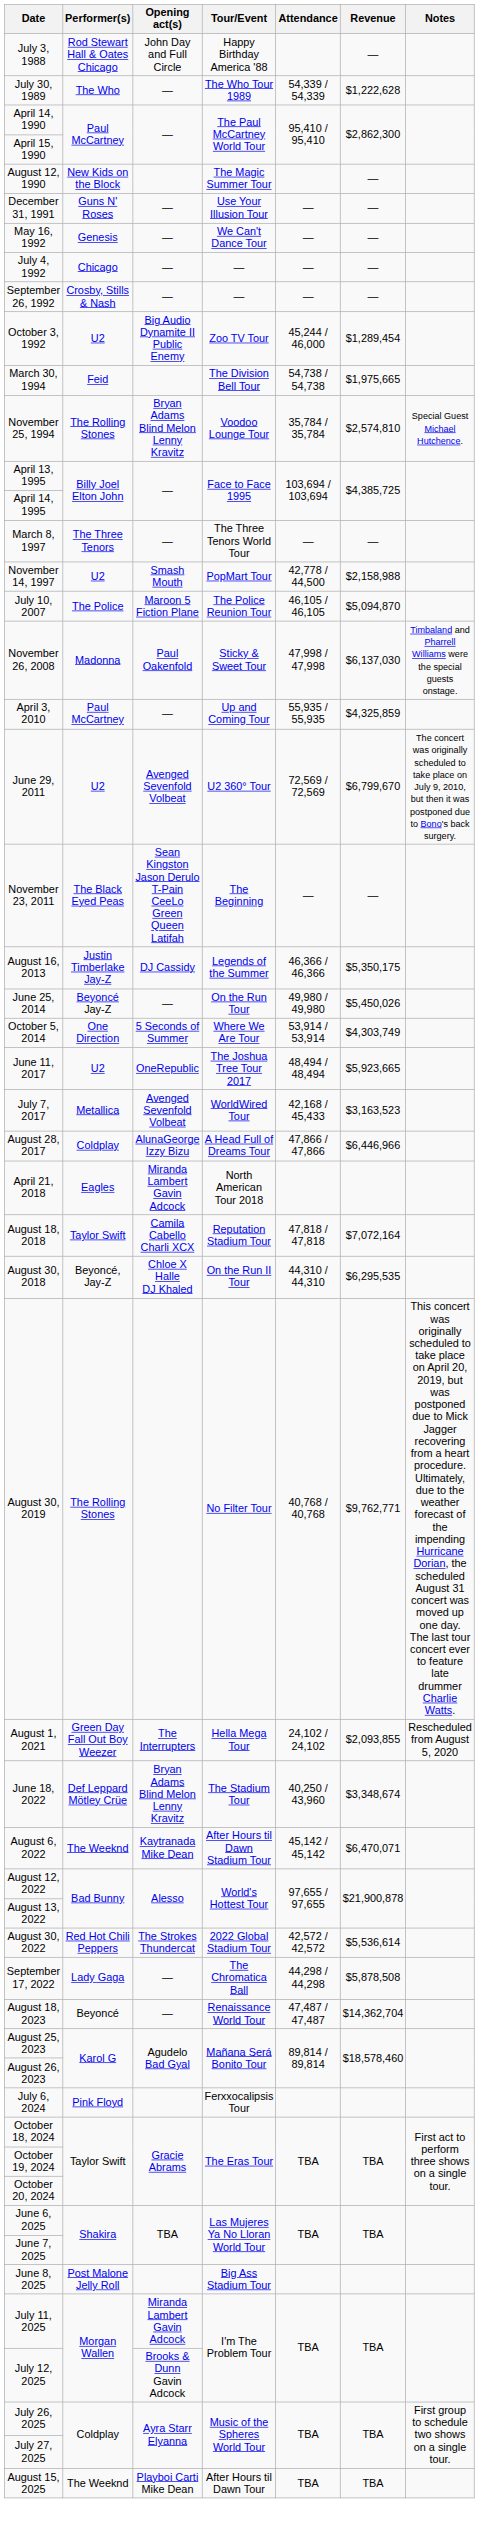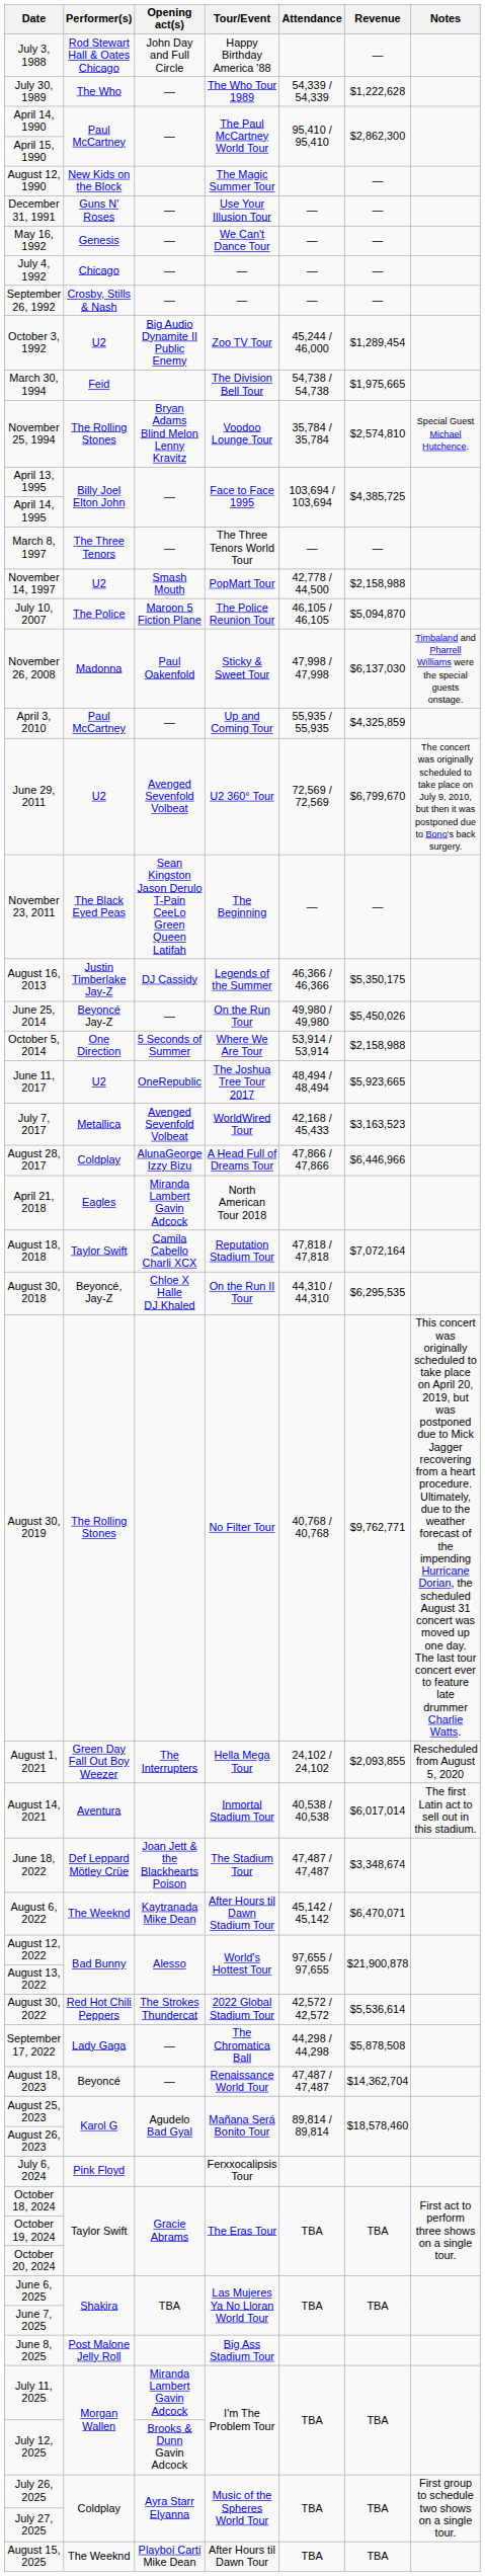 <table class="wikitable sortable" style="text-align:center">
 <tr>
 <th width=12% style="text-align:center;">Date</th>
 <th width=10% style="text-align:center;">Performer(s)</th>
 <th width=10% style="text-align:center;">Opening act(s)</th>
 <th width=16% style="text-align:center;">Tour/Event</th>
 <th width=10% style="text-align:center;">Attendance</th>
 <th width=10% style="text-align:center;">Revenue</th>
 <th width=20% style="text-align:center;">Notes</th>
 </tr>
 <tr>
 <td>July 3, 1988</td>
 <td><a href='#'>Rod Stewart</a><br><a href='#'>Hall & Oates</a><br><a href='#'>Chicago</a></td>
 <td>John Day and Full Circle</td>
 <td>Happy Birthday America '88</td>
 <td></td>
 <td>—</td>
 <td></td>
 </tr>
 <tr>
 <td>July 30, 1989</td>
 <td><a href='#'>The Who</a></td>
 <td>—</td>
 <td><a href='#'>The Who Tour 1989</a></td>
 <td>54,339 / 54,339</td>
 <td>$1,222,628</td>
 <td></td>
 </tr>
 <tr>
 <td>April 14, 1990</td>
 <td rowspan=2><a href='#'>Paul McCartney</a></td>
 <td rowspan=2>—</td>
 <td rowspan=2><a href='#'>The Paul McCartney World Tour</a></td>
 <td rowspan=2>95,410 / 95,410</td>
 <td rowspan=2>$2,862,300</td>
 <td rowspan=2></td>
 </tr>
 <tr>
 <td>April 15, 1990</td>
 </tr>
 <tr>
 <td>August 12, 1990</td>
 <td><a href='#'>New Kids on the Block</a></td>
 <td></td>
 <td><a href='#'>The Magic Summer Tour</a></td>
 <td></td>
 <td>—</td>
 <td></td>
 </tr>
 <tr>
 <td>December 31, 1991</td>
 <td><a href='#'>Guns N' Roses</a></td>
 <td>—</td>
 <td><a href='#'>Use Your Illusion Tour</a></td>
 <td>—</td>
 <td>—</td>
 <td></td>
 </tr>
 <tr>
 <td>May 16, 1992</td>
 <td><a href='#'>Genesis</a></td>
 <td>—</td>
 <td><a href='#'>We Can't Dance Tour</a></td>
 <td>—</td>
 <td>—</td>
 <td></td>
 </tr>
 <tr>
 <td>July 4, 1992</td>
 <td><a href='#'>Chicago</a></td>
 <td>—</td>
 <td>—</td>
 <td>—</td>
 <td>—</td>
 <td></td>
 </tr>
 <tr>
 <td>September 26, 1992</td>
 <td><a href='#'>Crosby, Stills & Nash</a></td>
 <td>—</td>
 <td>—</td>
 <td>—</td>
 <td>—</td>
 <td></td>
 </tr>
 <tr>
 <td>October 3, 1992</td>
 <td><a href='#'>U2</a></td>
 <td><a href='#'>Big Audio Dynamite II</a><br><a href='#'>Public Enemy</a></td>
 <td><a href='#'>Zoo TV Tour</a></td>
 <td>45,244 / 46,000</td>
 <td>$1,289,454</td>
 <td></td>
 </tr>
 <tr>
 <td>March 30, 1994</td>
 <td><a href='#'>Feid</a></td>
 <td></td>
 <td><a href='#'>The Division Bell Tour</a></td>
 <td>54,738 / 54,738</td>
 <td>$1,975,665</td>
 <td></td>
 </tr>
 <tr>
 <td>November 25, 1994</td>
 <td><a href='#'>The Rolling Stones</a></td>
 <td><a href='#'>Bryan Adams</a><br><a href='#'>Blind Melon</a><br><a href='#'>Lenny Kravitz</a></td>
 <td><a href='#'>Voodoo Lounge Tour</a></td>
 <td>35,784 / 35,784</td>
 <td>$2,574,810</td>
 <td><small>Special Guest <a href='#'>Michael Hutchence</a>.</small></td>
 </tr>
 <tr>
 <td>April 13, 1995</td>
 <td rowspan='2'><a href='#'>Billy Joel</a><br><a href='#'>Elton John</a></td>
 <td rowspan='2'>—</td>
 <td rowspan='2'><a href='#'>Face to Face 1995</a></td>
 <td rowspan='2'>103,694 / 103,694</td>
 <td rowspan='2'>$4,385,725</td>
 <td rowspan='2'></td>
 </tr>
 <tr>
 <td>April 14, 1995</td>
 </tr>
 <tr>
 <td>March 8, 1997</td>
 <td><a href='#'>The Three Tenors</a></td>
 <td>—</td>
 <td>The Three Tenors World Tour</td>
 <td>—</td>
 <td>—</td>
 <td></td>
 </tr>
 <tr>
 <td>November 14, 1997</td>
 <td><a href='#'>U2</a></td>
 <td><a href='#'>Smash Mouth</a></td>
 <td><a href='#'>PopMart Tour</a></td>
 <td>42,778 / 44,500</td>
 <td>$2,158,988</td>
 <td></td>
 </tr>
 <tr>
 <td>July 10, 2007</td>
 <td><a href='#'>The Police</a></td>
 <td><a href='#'>Maroon 5</a><br><a href='#'>Fiction Plane</a></td>
 <td><a href='#'>The Police Reunion Tour</a></td>
 <td>46,105 / 46,105</td>
 <td>$5,094,870</td>
 <td></td>
 </tr>
 <tr>
 <td>November 26, 2008</td>
 <td><a href='#'>Madonna</a></td>
 <td><a href='#'>Paul Oakenfold</a></td>
 <td><a href='#'>Sticky & Sweet Tour</a></td>
 <td>47,998 / 47,998</td>
 <td>$6,137,030</td>
 <td><small><a href='#'>Timbaland</a> and <a href='#'>Pharrell Williams</a> were the special guests onstage.</small></td>
 </tr>
 <tr>
 <td>April 3, 2010</td>
 <td><a href='#'>Paul McCartney</a></td>
 <td>—</td>
 <td><a href='#'>Up and Coming Tour</a></td>
 <td>55,935 / 55,935</td>
 <td>$4,325,859</td>
 <td></td>
 </tr>
 <tr>
 <td>June 29, 2011</td>
 <td><a href='#'>U2</a></td>
 <td><a href='#'>Avenged Sevenfold</a><br><a href='#'>Volbeat</a></td>
 <td><a href='#'>U2 360° Tour</a></td>
 <td>72,569 / 72,569</td>
 <td>$6,799,670</td>
 <td><small>The concert was originally scheduled to take place on July 9, 2010, but then it was postponed due to <a href='#'>Bono</a>'s back surgery.</small></td>
 </tr>
 <tr>
 <td>November 23, 2011</td>
 <td><a href='#'>The Black Eyed Peas</a></td>
 <td><a href='#'>Sean Kingston</a><br><a href='#'>Jason Derulo</a><br><a href='#'>T-Pain</a><br><a href='#'>CeeLo Green</a><br><a href='#'>Queen Latifah</a></td>
 <td><a href='#'>The Beginning</a></td>
 <td>—</td>
 <td>—</td>
 <td></td>
 </tr>
 <tr>
 <td>August 16, 2013</td>
 <td><a href='#'>Justin Timberlake</a><br><a href='#'>Jay-Z</a></td>
 <td><a href='#'>DJ Cassidy</a></td>
 <td><a href='#'>Legends of the Summer</a></td>
 <td>46,366 / 46,366</td>
 <td>$5,350,175</td>
 <td></td>
 </tr>
 <tr>
 <td>June 25, 2014</td>
 <td><a href='#'>Beyoncé</a><br>Jay-Z</td>
 <td>—</td>
 <td><a href='#'>On the Run Tour</a></td>
 <td>49,980 / 49,980</td>
 <td>$5,450,026</td>
 <td></td>
 </tr>
 <tr>
 <td>October 5, 2014</td>
 <td><a href='#'>One Direction</a></td>
 <td><a href='#'>5 Seconds of Summer</a></td>
 <td><a href='#'>Where We Are Tour</a></td>
 <td>53,914 / 53,914</td>
-<td>$4,303,749</td>
+<td>$2,158,988</td>
 <td></td>
 </tr>
 <tr>
 <td>June 11, 2017</td>
 <td><a href='#'>U2</a></td>
 <td><a href='#'>OneRepublic</a></td>
 <td><a href='#'>The Joshua Tree Tour 2017</a></td>
 <td>48,494 / 48,494</td>
 <td>$5,923,665</td>
 <td></td>
 </tr>
 <tr>
 <td>July 7, 2017</td>
 <td><a href='#'>Metallica</a></td>
 <td><a href='#'>Avenged Sevenfold</a><br><a href='#'>Volbeat</a></td>
 <td><a href='#'>WorldWired Tour</a></td>
 <td>42,168 / 45,433</td>
 <td>$3,163,523</td>
 <td></td>
 </tr>
 <tr>
 <td>August 28, 2017</td>
 <td><a href='#'>Coldplay</a></td>
 <td><a href='#'>AlunaGeorge</a><br><a href='#'>Izzy Bizu</a></td>
 <td><a href='#'>A Head Full of Dreams Tour</a></td>
 <td>47,866 / 47,866</td>
 <td>$6,446,966</td>
 <td></td>
 </tr>
 <tr>
 <td>April 21, 2018</td>
 <td><a href='#'>Eagles</a></td>
 <td><a href='#'>Miranda Lambert</a><br><a href='#'>Gavin Adcock</a></td>
 <td>North American Tour 2018</td>
 <td></td>
 <td></td>
 </tr>
 <tr>
 <td>August 18, 2018</td>
 <td><a href='#'>Taylor Swift</a></td>
 <td><a href='#'>Camila Cabello</a><br><a href='#'>Charli XCX</a></td>
 <td><a href='#'>Reputation Stadium Tour</a></td>
 <td>47,818 / 47,818</td>
 <td>$7,072,164</td>
 <td></td>
 </tr>
 <tr>
 <td>August 30, 2018</td>
 <td>Beyoncé, <br>Jay-Z</td>
 <td><a href='#'>Chloe X Halle</a><br><a href='#'>DJ Khaled</a></td>
 <td><a href='#'>On the Run II Tour</a></td>
 <td>44,310 / 44,310</td>
 <td>$6,295,535</td>
 <td></td>
 </tr>
 <tr>
 <td>August 30, 2019</td>
 <td><a href='#'>The Rolling Stones</a></td>
 <td></td>
 <td><a href='#'>No Filter Tour</a></td>
 <td>40,768 / 40,768</td>
 <td>$9,762,771</td>
 <td>This concert was originally scheduled to take place on April 20, 2019, but was postponed due to Mick Jagger recovering from a heart procedure. Ultimately, due to the weather forecast of the impending <a href='#'>Hurricane Dorian</a>, the scheduled August 31 concert was moved up one day.<br>The last tour concert ever to feature late drummer <a href='#'>Charlie Watts</a>.</td>
 </tr>
 <tr>
 <td>August 1, 2021</td>
 <td><a href='#'>Green Day</a><br><a href='#'>Fall Out Boy</a><br><a href='#'>Weezer</a></td>
 <td><a href='#'>The Interrupters</a></td>
 <td><a href='#'>Hella Mega Tour</a></td>
 <td>24,102 / 24,102</td>
 <td>$2,093,855</td>
 <td>Rescheduled from August 5, 2020</td>
 </tr>
 <tr>
+<td>August 14, 2021</td>
+<td><a href='#'>Aventura</a></td>
+<td></td>
+<td><a href='#'>Inmortal Stadium Tour</a></td>
+<td>40,538 / 40,538</td>
+<td>$6,017,014</td>
+<td>The first Latin act to sell out in this stadium.</td>
+</tr>
+<tr>
 <td>June 18, 2022</td>
 <td><a href='#'>Def Leppard</a><br><a href='#'>Mötley Crüe</a></td>
-<td><a href='#'>Bryan Adams</a><br><a href='#'>Blind Melon</a><br><a href='#'>Lenny Kravitz</a></td>
+<td><a href='#'>Joan Jett & the Blackhearts</a><br><a href='#'>Poison</a></td>
 <td><a href='#'>The Stadium Tour</a></td>
-<td>40,250 / 43,960</td>
+<td>47,487 / 47,487</td>
 <td>$3,348,674</td>
 </tr>
 <tr>
 <td>August 6, 2022</td>
 <td><a href='#'>The Weeknd</a></td>
 <td><a href='#'>Kaytranada</a><br><a href='#'>Mike Dean</a></td>
 <td><a href='#'>After Hours til Dawn Stadium Tour</a></td>
 <td>45,142 / 45,142</td>
 <td>$6,470,071</td>
 <td></td>
 </tr>
 <tr>
 <td>August 12, 2022</td>
 <td rowspan=2><a href='#'>Bad Bunny</a></td>
 <td rowspan=2><a href='#'>Alesso</a></td>
 <td rowspan=2><a href='#'>World's Hottest Tour</a></td>
 <td rowspan=2>97,655 / 97,655</td>
 <td rowspan=2>$21,900,878</td>
 <td rowspan=2></td>
 </tr>
 <tr>
 <td>August 13, 2022</td>
 </tr>
 <tr>
 <td>August 30, 2022</td>
 <td><a href='#'>Red Hot Chili Peppers</a></td>
 <td><a href='#'>The Strokes</a><br><a href='#'>Thundercat</a></td>
 <td><a href='#'>2022 Global Stadium Tour</a></td>
 <td>42,572 / 42,572</td>
 <td>$5,536,614</td>
 <td></td>
 </tr>
 <tr>
 <td>September 17, 2022</td>
 <td><a href='#'>Lady Gaga</a></td>
 <td>—</td>
 <td><a href='#'>The Chromatica Ball</a></td>
 <td>44,298 / 44,298</td>
 <td>$5,878,508</td>
 <td></td>
 </tr>
 <tr>
 <td>August 18, 2023</td>
 <td>Beyoncé</td>
 <td>—</td>
 <td><a href='#'>Renaissance World Tour</a></td>
 <td>47,487 / 47,487</td>
 <td>$14,362,704</td>
 <td></td>
 </tr>
 <tr>
 <td>August 25, 2023</td>
 <td rowspan=2><a href='#'>Karol G</a></td>
 <td rowspan=2>Agudelo<br><a href='#'>Bad Gyal</a></td>
 <td rowspan=2><a href='#'>Mañana Será Bonito Tour</a></td>
 <td rowspan=2>89,814 / 89,814</td>
 <td rowspan=2>$18,578,460</td>
 <td rowspan=2></td>
 </tr>
 <tr>
 <td>August 26, 2023</td>
 </tr>
 <tr>
 <td>July 6, 2024</td>
 <td><a href='#'>Pink Floyd</a></td>
 <td></td>
 <td>Ferxxocalipsis Tour</td>
 <td></td>
 <td></td>
 <td></td>
 </tr>
 <tr>
 <td>October 18, 2024</td>
 <td rowspan=3>Taylor Swift</td>
 <td rowspan=3><a href='#'>Gracie Abrams</a></td>
 <td rowspan=3><a href='#'>The Eras Tour</a></td>
 <td rowspan=3>TBA</td>
 <td rowspan=3>TBA</td>
 <td rowspan=3>First act to perform three shows on a single tour.</td>
 </tr>
 <tr>
 <td>October 19, 2024</td>
 </tr>
 <tr>
 <td>October 20, 2024</td>
 </tr>
 <tr>
 <td>June 6, 2025</td>
 <td rowspan="2"><a href='#'>Shakira</a></td>
 <td rowspan="2">TBA</td>
 <td rowspan="2"><a href='#'>Las Mujeres Ya No Lloran World Tour</a></td>
 <td rowspan="2">TBA</td>
 <td rowspan="2">TBA</td>
 <td rowspan="2"></td>
 </tr>
 <tr>
 <td>June 7, 2025</td>
 </tr>
 <tr>
 <td>June 8, 2025</td>
 <td><a href='#'>Post Malone</a><br><a href='#'>Jelly Roll</a></td>
 <td></td>
 <td><a href='#'>Big Ass Stadium Tour</a></td>
 <td></td>
 <td></td>
 <td></td>
 </tr>
 <tr>
 <td>July 11, 2025</td>
 <td rowspan="2"><a href='#'>Morgan Wallen</a></td>
 <td><a href='#'>Miranda Lambert</a><br><a href='#'>Gavin Adcock</a></td>
 <td rowspan="2">I'm The Problem Tour</td>
 <td rowspan="2">TBA</td>
 <td rowspan="2">TBA</td>
 <td rowspan="2"></td>
 </tr>
 <tr>
 <td>July 12, 2025</td>
 <td><a href='#'>Brooks & Dunn</a><br>Gavin Adcock</td>
 </tr>
 <tr>
 <td>July 26, 2025</td>
 <td rowspan="2">Coldplay</td>
 <td rowspan="2"><a href='#'>Ayra Starr</a><br><a href='#'>Elyanna</a></td>
 <td rowspan="2"><a href='#'>Music of the Spheres World Tour</a></td>
 <td rowspan="2">TBA</td>
 <td rowspan="2">TBA</td>
 <td rowspan="2">First group to schedule two shows on a single tour.</td>
 </tr>
 <tr>
 <td>July 27, 2025</td>
 </tr>
 <tr>
 <td>August 15, 2025</td>
 <td rowspan="2">The Weeknd</td>
 <td rowspan="2"><a href='#'>Playboi Carti</a><br>Mike Dean</td>
 <td rowspan="2">After Hours til Dawn Tour</td>
 <td rowspan="2">TBA</td>
 <td rowspan="2">TBA</td>
 <td rowspan="2"></td>
 </tr>
 </table>
